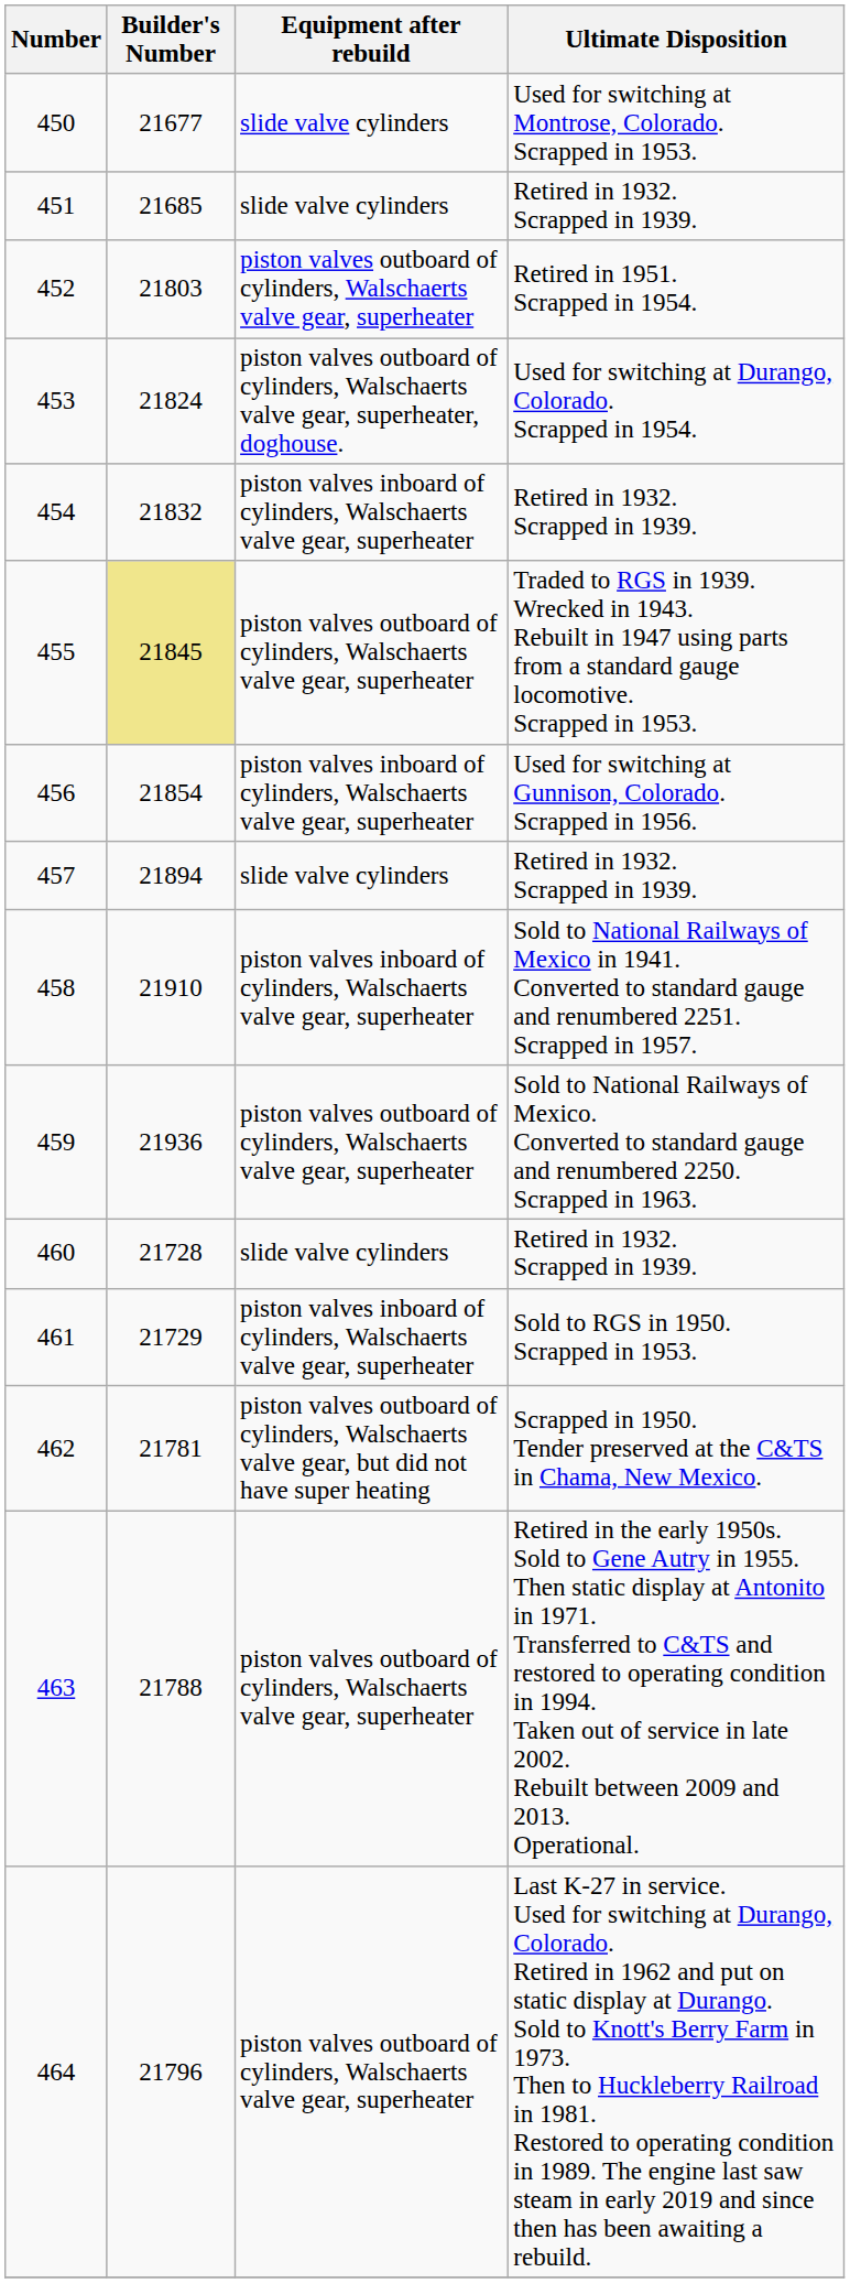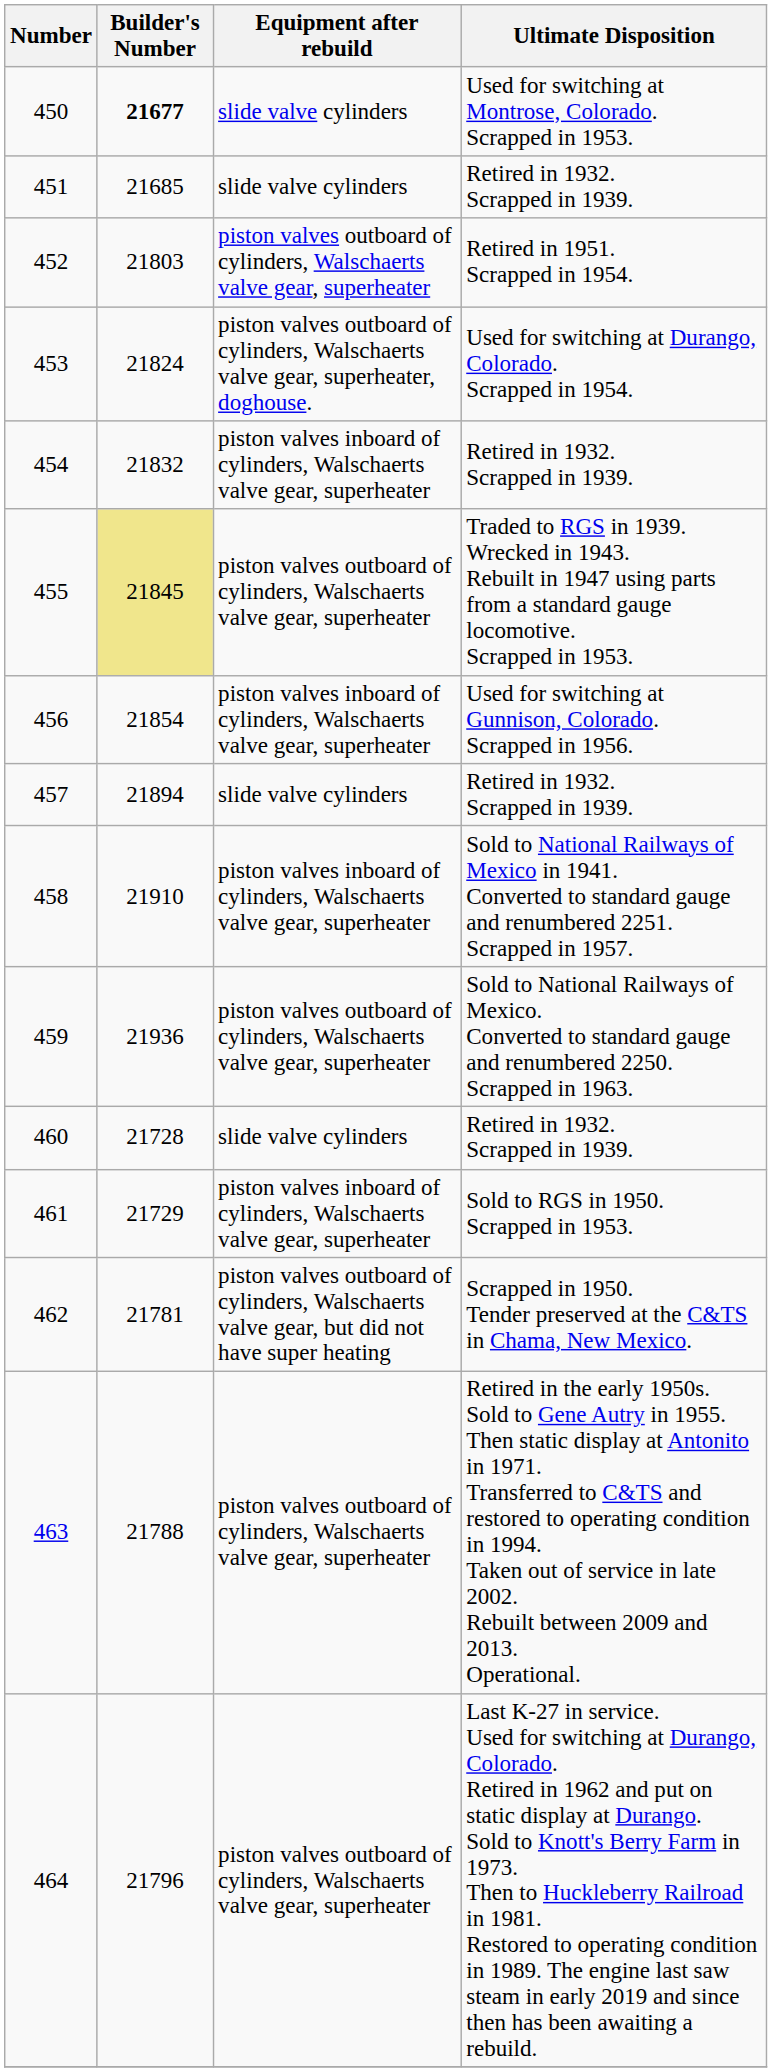 <table class="wikitable" style="width:60%">
 <tr>
 <th>Number</th>
 <th>Builder's Number</th>
 <th>Equipment after rebuild</th>
 <th>Ultimate Disposition</th>
 </tr>
 <tr>
 <td align="center">450</td>
-<td align="center">21677</td>
+<td align="center"><strong>21677</strong></td>
 <td><a href='#'>slide valve</a> cylinders</td>
 <td>Used for switching at <a href='#'>Montrose, Colorado</a>.<br>Scrapped in 1953.</td>
 </tr>
 <tr>
 <td align="center">451</td>
 <td align="center">21685</td>
 <td>slide valve cylinders</td>
 <td>Retired in 1932.<br>Scrapped in 1939.</td>
 </tr>
 <tr>
 <td align="center">452</td>
 <td align="center">21803</td>
 <td><a href='#'>piston valves</a> outboard of cylinders, <a href='#'>Walschaerts valve gear</a>, <a href='#'>superheater</a></td>
 <td>Retired in 1951.<br>Scrapped in 1954.</td>
 </tr>
 <tr>
 <td align="center">453</td>
 <td align="center">21824</td>
 <td>piston valves outboard of cylinders, Walschaerts valve gear, superheater, <a href='#'>doghouse</a>.</td>
 <td>Used for switching at <a href='#'>Durango, Colorado</a>.<br>Scrapped in 1954.</td>
 </tr>
 <tr>
 <td align="center">454</td>
 <td align="center">21832</td>
 <td>piston valves inboard of cylinders, Walschaerts valve gear, superheater</td>
 <td>Retired in 1932.<br>Scrapped in 1939.</td>
 </tr>
 <tr>
 <td align="center">455</td>
 <td align="center" style="background: khaki;">21845</td>
 <td>piston valves outboard of cylinders, Walschaerts valve gear, superheater</td>
 <td>Traded to <a href='#'>RGS</a> in 1939.<br>Wrecked in 1943.<br>Rebuilt in 1947 using parts from a standard gauge locomotive.<br>Scrapped in 1953.</td>
 </tr>
 <tr>
 <td align="center">456</td>
 <td align="center">21854</td>
 <td>piston valves inboard of cylinders, Walschaerts valve gear, superheater</td>
 <td>Used for switching at <a href='#'>Gunnison, Colorado</a>.<br>Scrapped in 1956.</td>
 </tr>
 <tr>
 <td align="center">457</td>
 <td align="center">21894</td>
 <td>slide valve cylinders</td>
 <td>Retired in 1932.<br>Scrapped in 1939.</td>
 </tr>
 <tr>
 <td align="center">458</td>
 <td align="center">21910</td>
 <td>piston valves inboard of cylinders, Walschaerts valve gear, superheater</td>
 <td>Sold to <a href='#'>National Railways of Mexico</a> in 1941.<br>Converted to standard gauge and renumbered 2251.<br>Scrapped in 1957.</td>
 </tr>
 <tr>
 <td align="center">459</td>
 <td align="center">21936</td>
 <td>piston valves outboard of cylinders, Walschaerts valve gear, superheater</td>
 <td>Sold to National Railways of Mexico.<br>Converted to standard gauge and renumbered 2250.<br>Scrapped in 1963.</td>
 </tr>
 <tr>
 <td align="center">460</td>
 <td align="center">21728</td>
 <td>slide valve cylinders</td>
 <td>Retired in 1932.<br>Scrapped in 1939.</td>
 </tr>
 <tr>
 <td align="center">461</td>
 <td align="center">21729</td>
 <td>piston valves inboard of cylinders, Walschaerts valve gear, superheater</td>
 <td>Sold to RGS in 1950.<br>Scrapped in 1953.</td>
 </tr>
 <tr>
 <td align="center">462</td>
 <td align="center">21781</td>
 <td>piston valves outboard of cylinders, Walschaerts valve gear, but did not have super heating</td>
 <td>Scrapped in 1950.<br>Tender preserved at the <a href='#'>C&TS</a> in <a href='#'>Chama, New Mexico</a>.</td>
 </tr>
 <tr>
 <td align="center"><a href='#'>463</a></td>
 <td align="center">21788</td>
 <td>piston valves outboard of cylinders, Walschaerts valve gear, superheater</td>
 <td>Retired in the early 1950s.<br>Sold to <a href='#'>Gene Autry</a> in 1955.<br>Then static display at <a href='#'>Antonito</a> in 1971.<br>Transferred to <a href='#'>C&TS</a> and restored to operating condition in 1994.<br>Taken out of service in late 2002.<br>Rebuilt between 2009 and 2013.<br>Operational.</td>
 </tr>
 <tr>
 <td align="center">464</td>
 <td align="center">21796</td>
 <td>piston valves outboard of cylinders, Walschaerts valve gear, superheater</td>
 <td>Last K-27 in service.<br>Used for switching at <a href='#'>Durango, Colorado</a>.<br>Retired in 1962 and put on static display at <a href='#'>Durango</a>.<br>Sold to <a href='#'>Knott's Berry Farm</a> in 1973.<br>Then to <a href='#'>Huckleberry Railroad</a> in 1981.<br>Restored to operating condition in 1989. The engine last saw steam in early 2019 and since then has been awaiting a rebuild.</td>
 </tr>
 <tr>
 </tr>
 </table>
